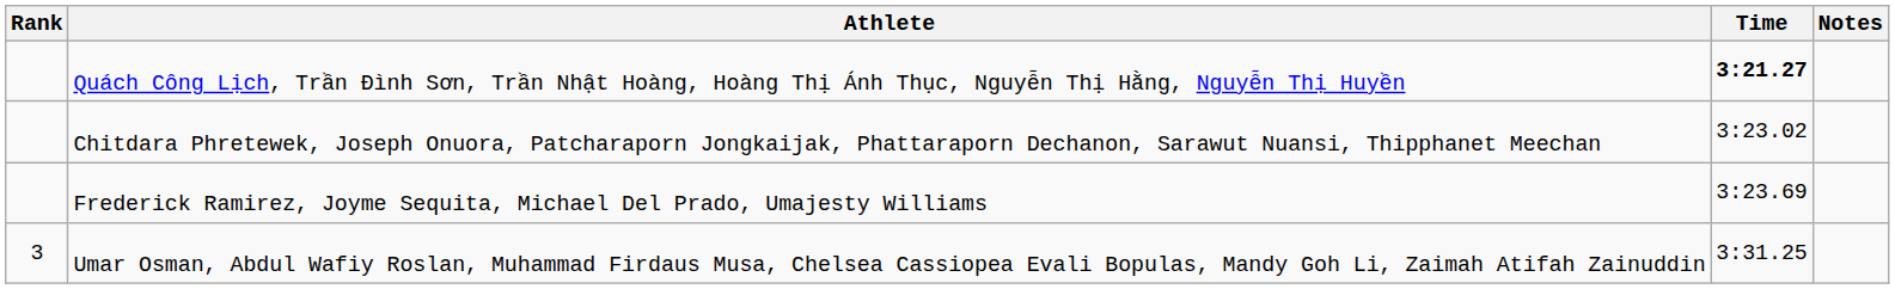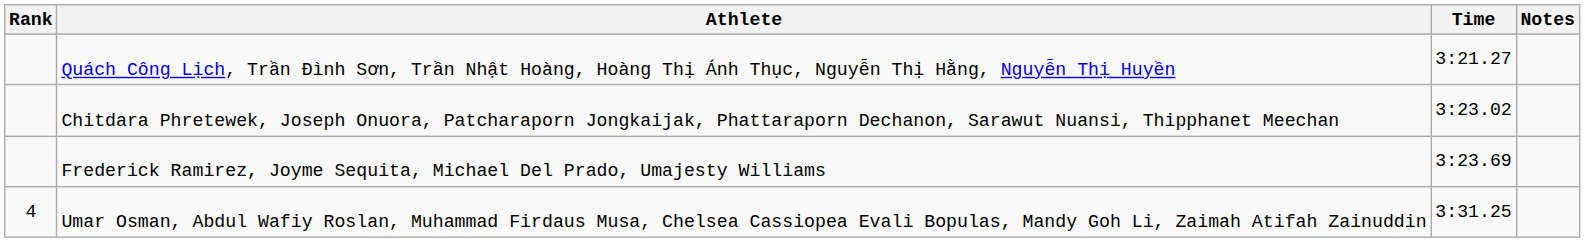 <table class="wikitable sortable" style="text-align:center">
 <tr>
 <th>Rank</th>
 <th>Athlete</th>
 <th>Time</th>
 <th>Notes</th>
 </tr>
 <tr>
 <td></td>
 <td align=left><br> <a href='#'>Quách Công Lịch</a>, Trần Đình Sơn, Trần Nhật Hoàng, Hoàng Thị Ánh Thục, Nguyễn Thị Hằng, <a href='#'>Nguyễn Thị Huyền</a></td>
-<td><strong>3:21.27</strong></td>
+<td>3:21.27</td>
 <td></td>
 </tr>
 <tr>
 <td></td>
 <td align=left><br> Chitdara Phretewek, Joseph Onuora, Patcharaporn Jongkaijak, Phattaraporn Dechanon, Sarawut Nuansi, Thipphanet Meechan</td>
 <td>3:23.02</td>
 <td></td>
 </tr>
 <tr>
 <td></td>
 <td align=left><br> Frederick Ramirez, Joyme Sequita, Michael Del Prado, Umajesty Williams</td>
 <td>3:23.69</td>
 <td></td>
 </tr>
 <tr>
-<td>3</td>
+<td>4</td>
 <td align=left><br> Umar Osman, Abdul Wafiy Roslan, Muhammad Firdaus Musa, Chelsea Cassiopea Evali Bopulas, Mandy Goh Li, Zaimah Atifah Zainuddin</td>
 <td>3:31.25</td>
 <td></td>
 </tr>
 </table>
